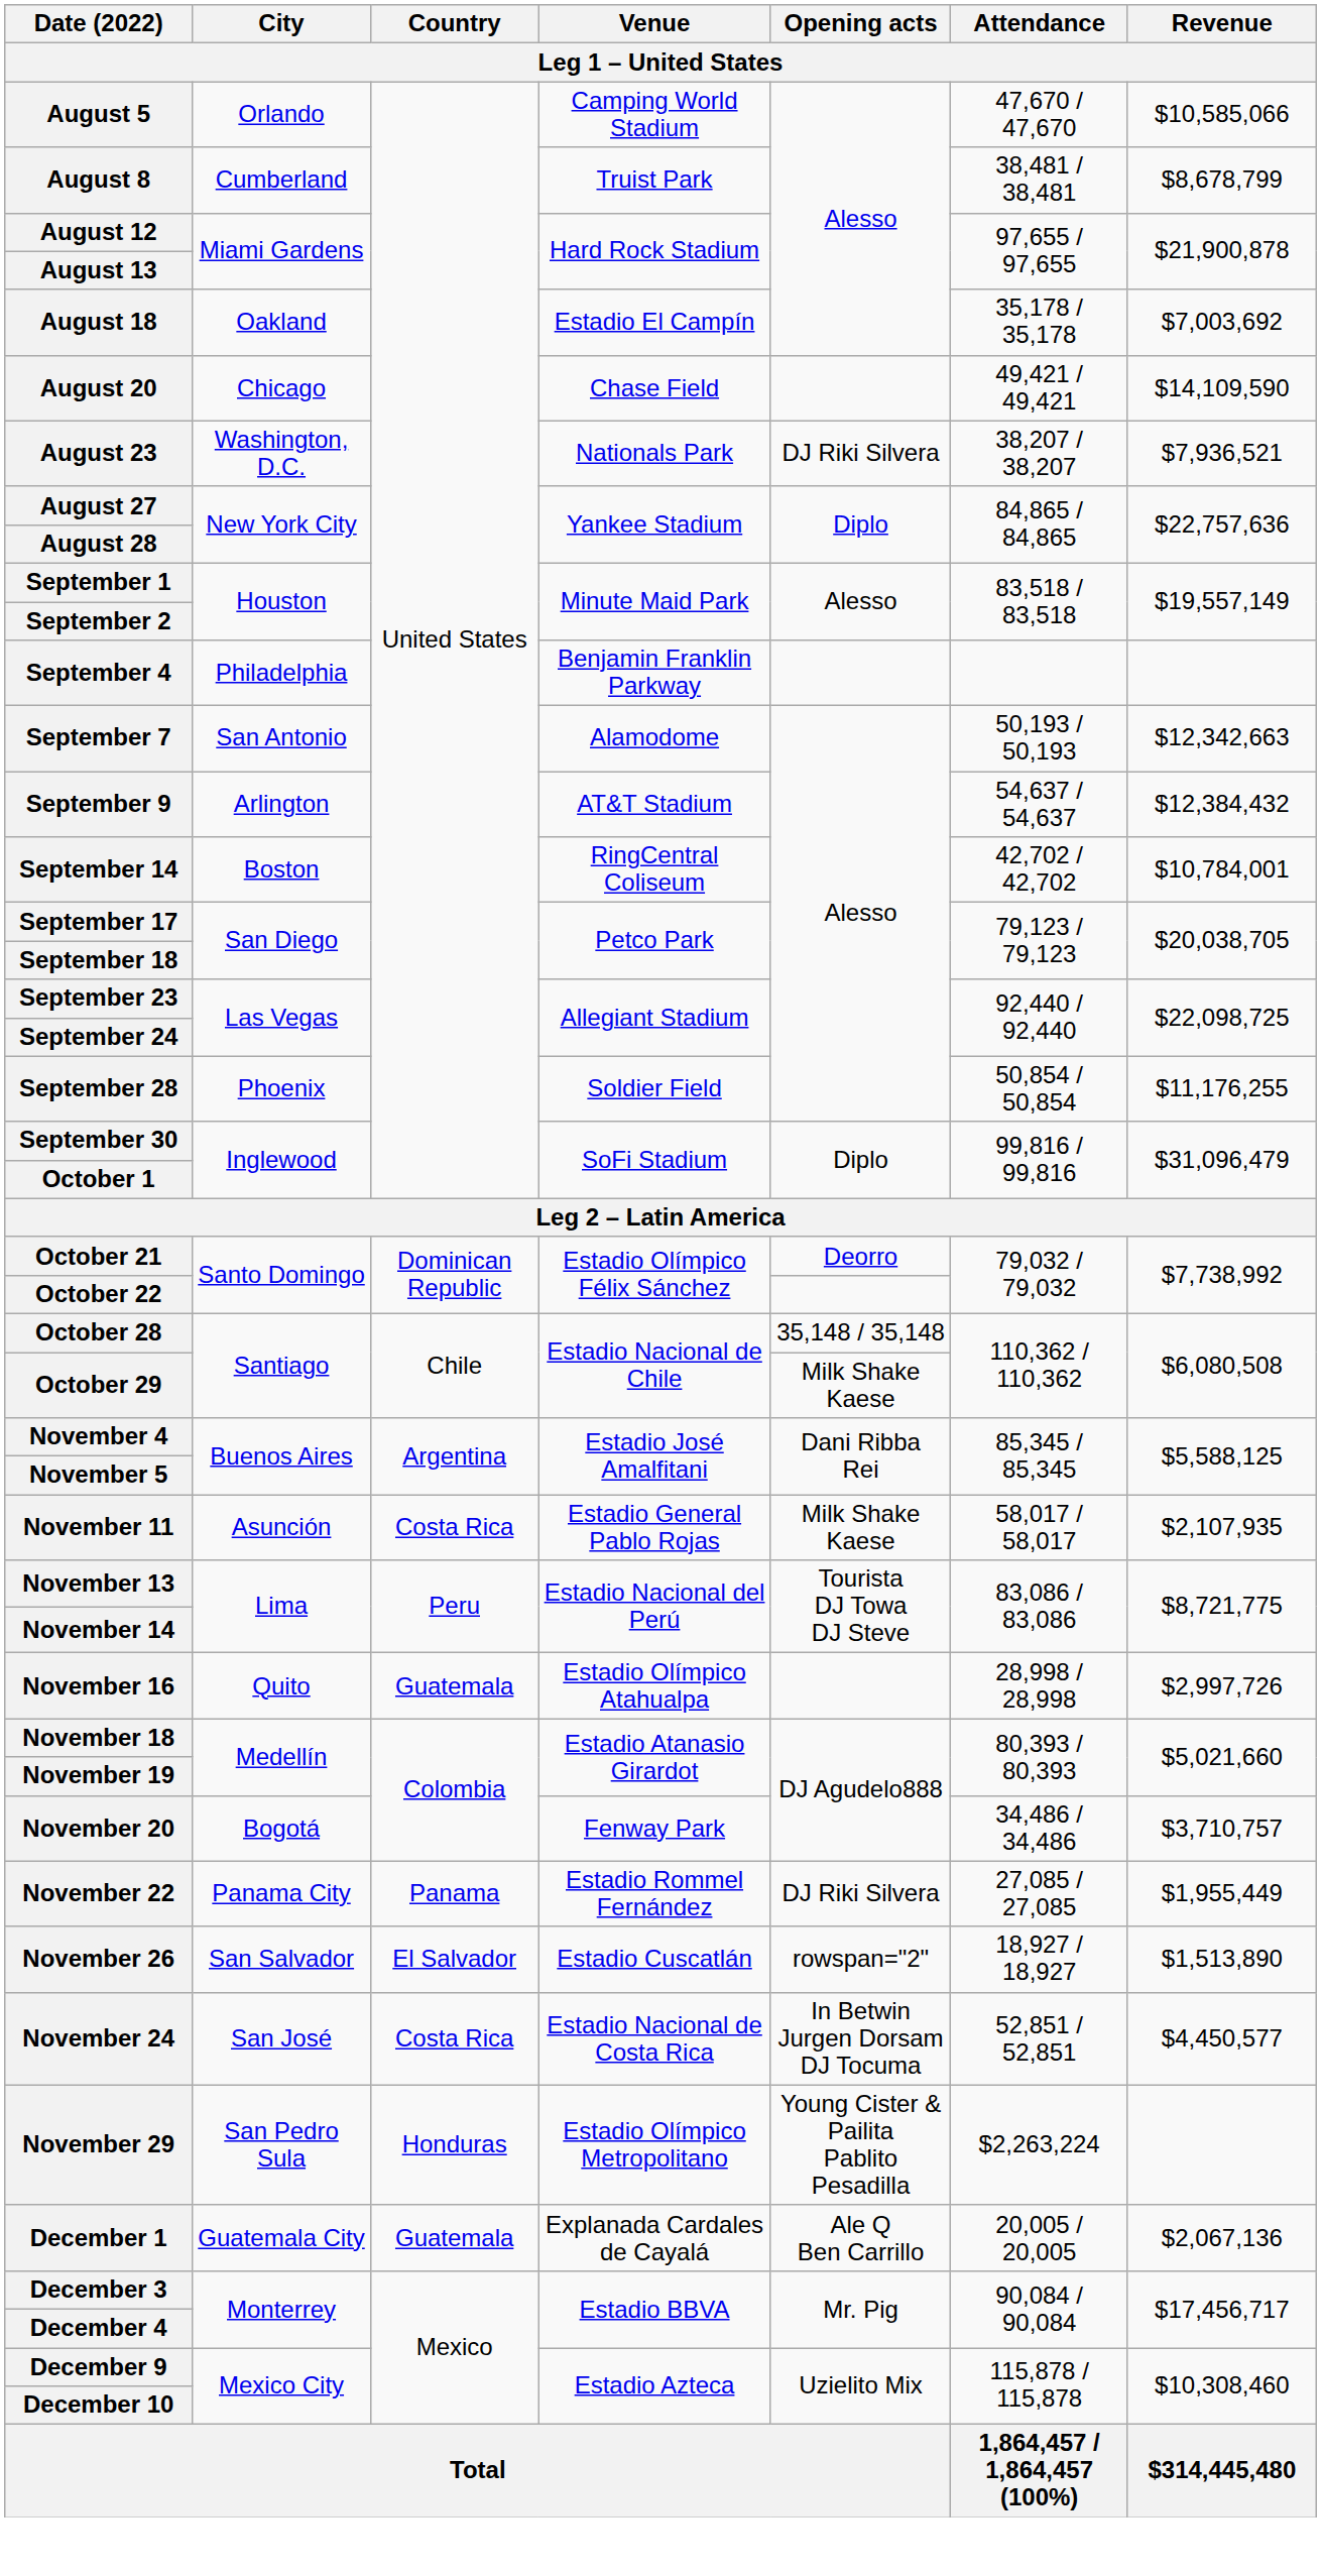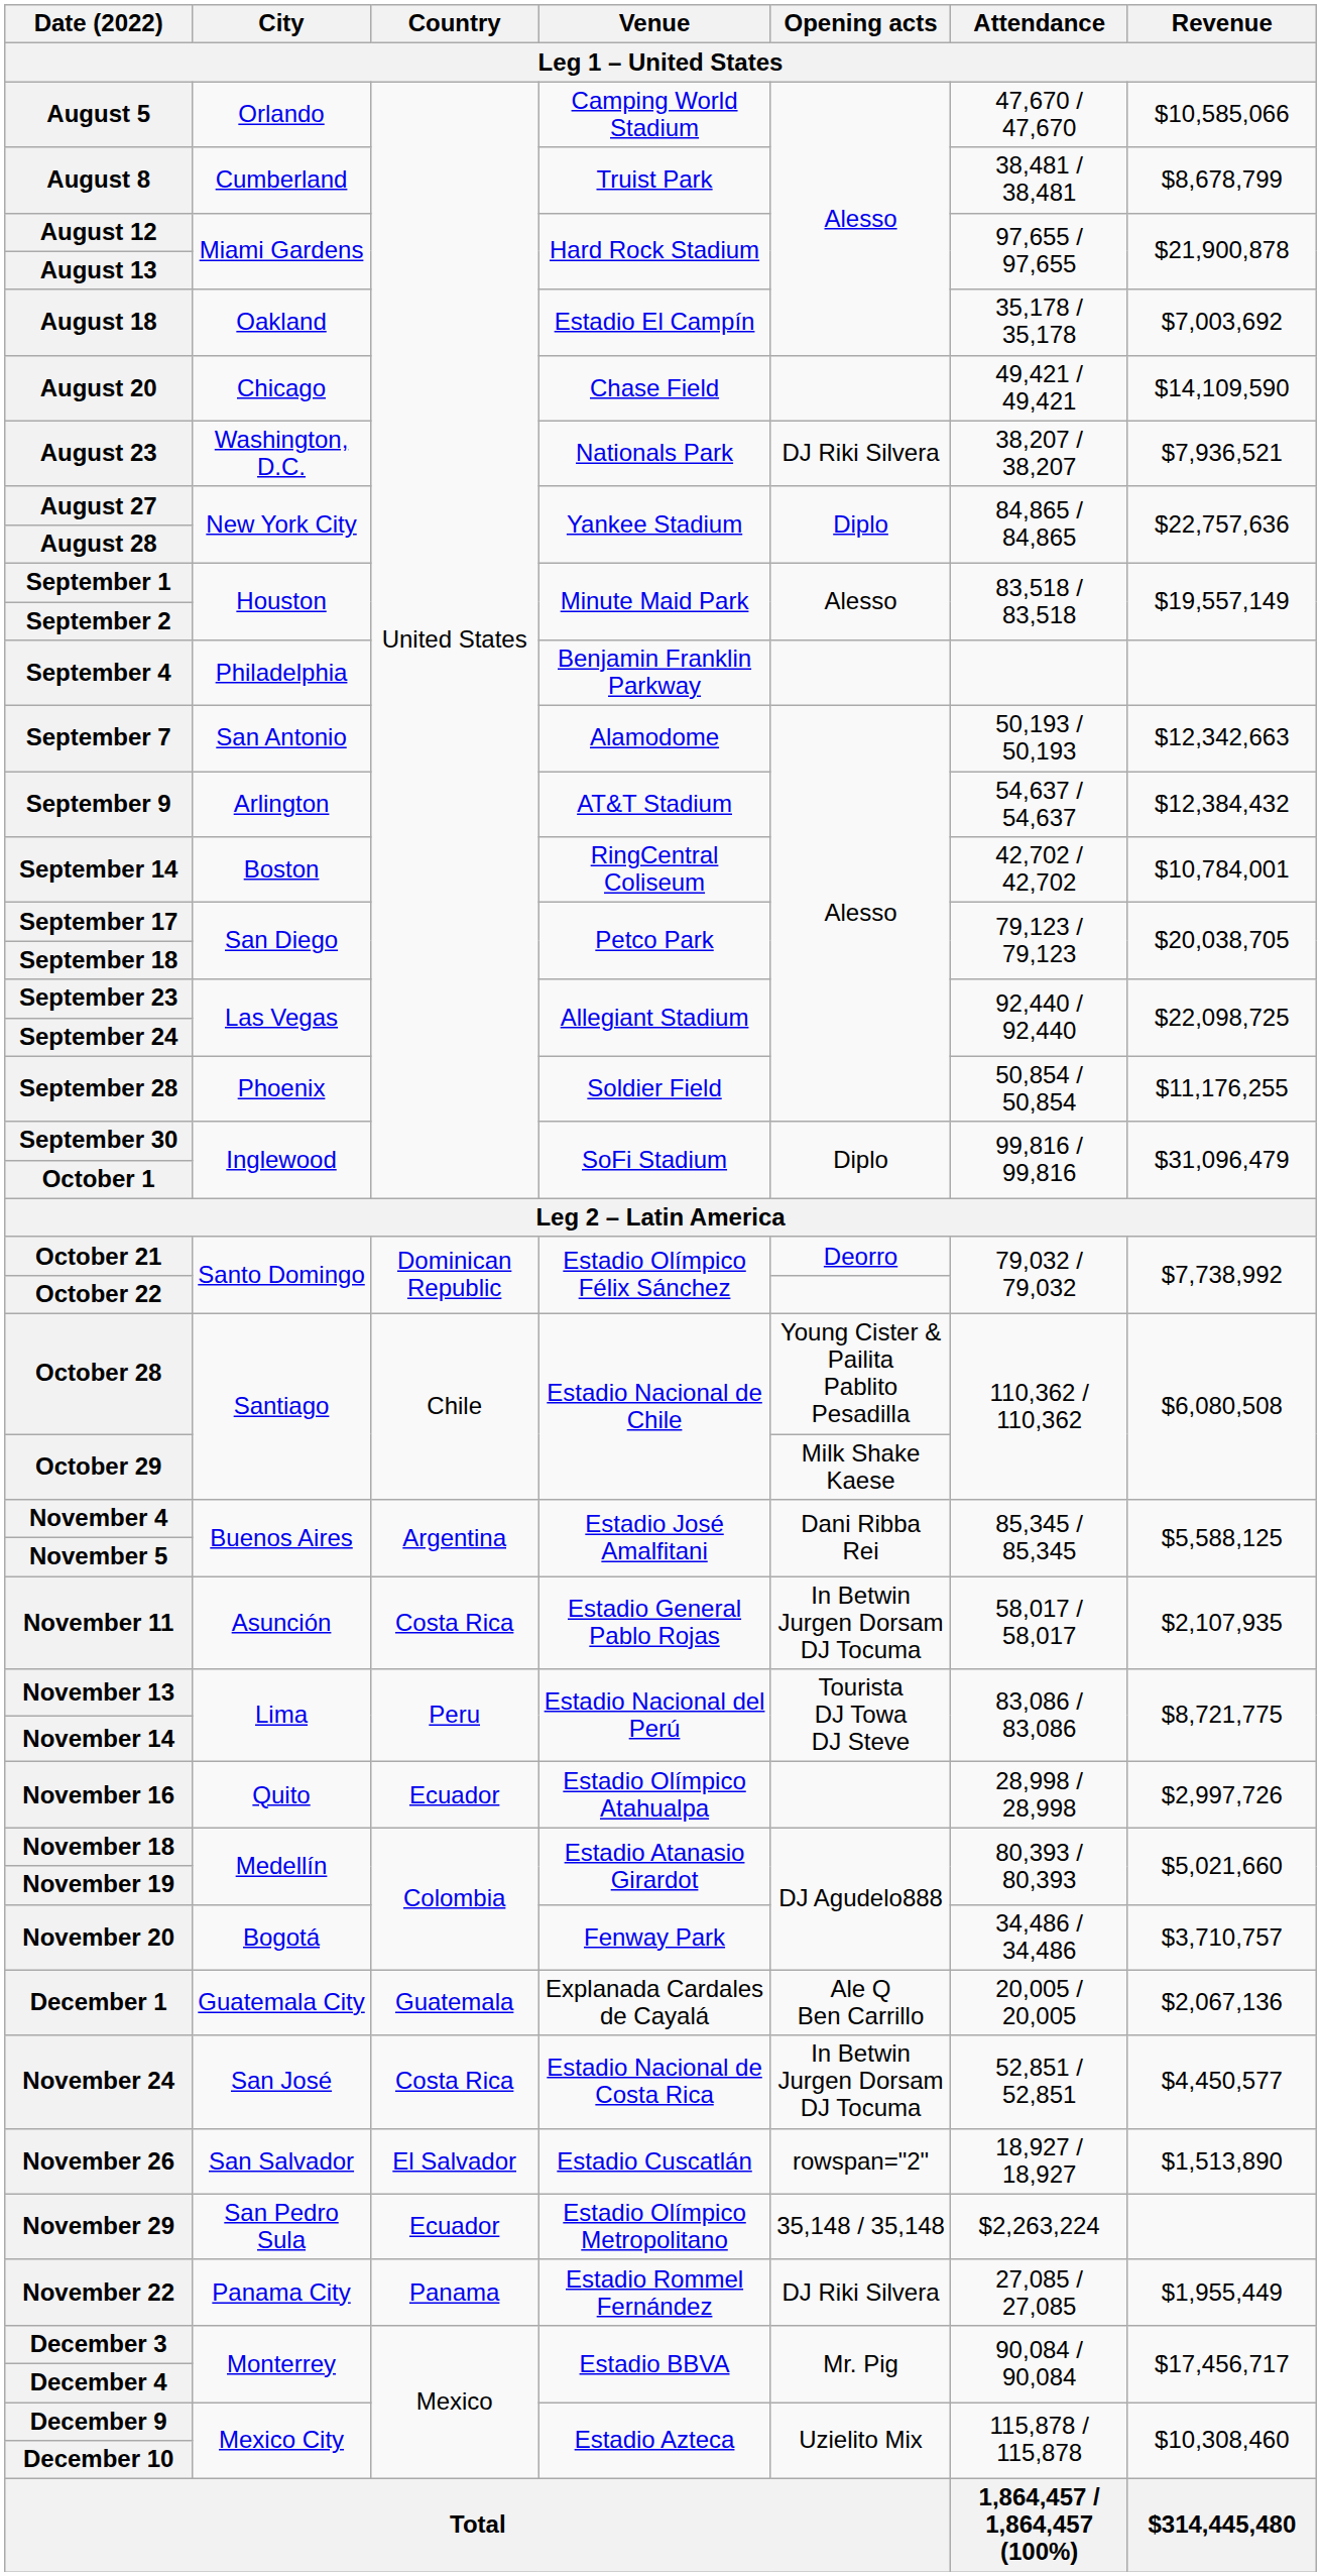 <table class="wikitable plainrowheaders" style="text-align:center;">
 <tr>
 <th scope="col" style="width:12em;">Date (2022)</th>
 <th scope="col" style="width:10em;">City</th>
 <th scope="col" style="width:10em;">Country</th>
 <th scope="col" style="width:16em;">Venue</th>
 <th scope="col" style="width:10em;">Opening acts</th>
 <th scope="col" style="width:10em;">Attendance</th>
 <th scope="col" style="width:10em;">Revenue</th>
 </tr>
 <tr>
 <th colspan="7">Leg 1 – United States</th>
 </tr>
 <tr>
 <th scope="row">August 5</th>
 <td><a href='#'>Orlando</a></td>
 <td rowspan="22">United States</td>
 <td><a href='#'>Camping World Stadium</a></td>
 <td rowspan="5"><a href='#'>Alesso</a></td>
 <td>47,670 / 47,670</td>
 <td>$10,585,066</td>
 </tr>
 <tr>
 <th scope="row">August 8</th>
 <td><a href='#'>Cumberland</a></td>
 <td><a href='#'>Truist Park</a></td>
 <td>38,481 / 38,481</td>
 <td>$8,678,799</td>
 </tr>
 <tr>
 <th scope="row">August 12</th>
 <td rowspan="2"><a href='#'>Miami Gardens</a></td>
 <td rowspan="2"><a href='#'>Hard Rock Stadium</a></td>
 <td rowspan="2">97,655 / 97,655</td>
 <td rowspan="2">$21,900,878</td>
 </tr>
 <tr>
 <th scope="row">August 13</th>
 </tr>
 <tr>
 <th scope="row">August 18</th>
 <td><a href='#'>Oakland</a></td>
 <td><a href='#'>Estadio El Campín</a></td>
 <td>35,178 / 35,178</td>
 <td>$7,003,692</td>
 </tr>
 <tr>
 <th scope="row">August 20</th>
 <td><a href='#'>Chicago</a></td>
 <td><a href='#'>Chase Field</a></td>
 <td></td>
 <td>49,421 / 49,421</td>
 <td>$14,109,590</td>
 </tr>
 <tr>
 <th scope="row">August 23</th>
 <td><a href='#'>Washington, D.C.</a></td>
 <td><a href='#'>Nationals Park</a></td>
 <td>DJ Riki Silvera</td>
 <td>38,207 / 38,207</td>
 <td>$7,936,521</td>
 </tr>
 <tr>
 <th scope="row">August 27</th>
 <td rowspan="2"><a href='#'>New York City</a></td>
 <td rowspan="2"><a href='#'>Yankee Stadium</a></td>
 <td rowspan="2"><a href='#'>Diplo</a></td>
 <td rowspan="2">84,865 / 84,865</td>
 <td rowspan="2">$22,757,636</td>
 </tr>
 <tr>
 <th scope="row">August 28</th>
 </tr>
 <tr>
 <th scope="row">September 1</th>
 <td rowspan="2"><a href='#'>Houston</a></td>
 <td rowspan="2"><a href='#'>Minute Maid Park</a></td>
 <td rowspan="2">Alesso</td>
 <td rowspan="2">83,518 / 83,518</td>
 <td rowspan="2">$19,557,149</td>
 </tr>
 <tr>
 <th scope="row">September 2</th>
 </tr>
 <tr>
 <th scope="row">September 4</th>
 <td><a href='#'>Philadelphia</a></td>
 <td><a href='#'>Benjamin Franklin Parkway</a></td>
 <td></td>
 <td></td>
 <td></td>
 </tr>
 <tr>
 <th scope="row">September 7</th>
 <td><a href='#'>San Antonio</a></td>
 <td><a href='#'>Alamodome</a></td>
 <td rowspan="8">Alesso</td>
 <td>50,193 / 50,193</td>
 <td>$12,342,663</td>
 </tr>
 <tr>
 <th scope="row">September 9</th>
 <td><a href='#'>Arlington</a></td>
 <td><a href='#'>AT&T Stadium</a></td>
 <td>54,637 / 54,637</td>
 <td>$12,384,432</td>
 </tr>
 <tr>
 <th scope="row">September 14</th>
 <td><a href='#'>Boston</a></td>
 <td><a href='#'>RingCentral Coliseum</a></td>
 <td>42,702 / 42,702</td>
 <td>$10,784,001</td>
 </tr>
 <tr>
 <th scope="row">September 17</th>
 <td rowspan="2"><a href='#'>San Diego</a></td>
 <td rowspan="2"><a href='#'>Petco Park</a></td>
 <td rowspan="2">79,123 / 79,123</td>
 <td rowspan="2">$20,038,705</td>
 </tr>
 <tr>
 <th scope="row">September 18</th>
 </tr>
 <tr>
 <th scope="row">September 23</th>
 <td rowspan="2"><a href='#'>Las Vegas</a></td>
 <td rowspan="2"><a href='#'>Allegiant Stadium</a></td>
 <td rowspan="2">92,440 / 92,440</td>
 <td rowspan="2">$22,098,725</td>
 </tr>
 <tr>
 <th scope="row">September 24</th>
 </tr>
 <tr>
 <th scope="row">September 28</th>
 <td><a href='#'>Phoenix</a></td>
 <td><a href='#'>Soldier Field</a></td>
 <td>50,854 / 50,854</td>
 <td>$11,176,255</td>
 </tr>
 <tr>
 <th scope="row">September 30</th>
 <td rowspan="2"><a href='#'>Inglewood</a></td>
 <td rowspan="2"><a href='#'>SoFi Stadium</a></td>
 <td rowspan="2">Diplo</td>
 <td rowspan="2">99,816 / 99,816</td>
 <td rowspan="2">$31,096,479</td>
 </tr>
 <tr>
 <th scope="row">October 1</th>
 </tr>
 <tr>
 <th colspan="7">Leg 2 – Latin America</th>
 </tr>
 <tr>
 <th scope="row">October 21</th>
 <td rowspan="2"><a href='#'>Santo Domingo</a></td>
 <td rowspan="2"><a href='#'>Dominican Republic</a></td>
 <td rowspan="2"><a href='#'>Estadio Olímpico Félix Sánchez</a></td>
 <td><a href='#'>Deorro</a></td>
 <td rowspan="2">79,032 / 79,032</td>
 <td rowspan="2">$7,738,992</td>
 </tr>
 <tr>
 <th scope="row">October 22</th>
 </tr>
 <tr>
 <th scope="row">October 28</th>
 <td rowspan="2"><a href='#'>Santiago</a></td>
 <td rowspan="2">Chile</td>
 <td rowspan="2"><a href='#'>Estadio Nacional de Chile</a></td>
-<td>35,148 / 35,148</td>
+<td>Young Cister & Pailita <br> Pablito Pesadilla</td>
 <td rowspan="2">110,362 / 110,362</td>
 <td rowspan="2">$6,080,508</td>
 </tr>
 <tr>
 <th scope="row">October 29</th>
 <td>Milk Shake <br> Kaese</td>
 </tr>
 <tr>
 <th scope="row">November 4</th>
 <td rowspan="2"><a href='#'>Buenos Aires</a></td>
 <td rowspan="2"><a href='#'>Argentina</a></td>
 <td rowspan="2"><a href='#'>Estadio José Amalfitani</a></td>
 <td rowspan="2">Dani Ribba<br>Rei</td>
 <td rowspan="2">85,345 / 85,345</td>
 <td rowspan="2">$5,588,125</td>
 </tr>
 <tr>
 <th scope="row">November 5</th>
 </tr>
 <tr>
 <th scope="row">November 11</th>
 <td><a href='#'>Asunción</a></td>
 <td><a href='#'>Costa Rica</a></td>
 <td><a href='#'>Estadio General Pablo Rojas</a></td>
-<td>Milk Shake <br> Kaese</td>
+<td>In Betwin <br> Jurgen Dorsam <br> DJ Tocuma</td>
 <td>58,017 / 58,017</td>
 <td>$2,107,935</td>
 </tr>
 <tr>
 <th scope="row">November 13</th>
 <td rowspan="2"><a href='#'>Lima</a></td>
 <td rowspan="2"><a href='#'>Peru</a></td>
 <td rowspan="2"><a href='#'>Estadio Nacional del Perú</a></td>
 <td rowspan="2">Tourista <br> DJ Towa <br> DJ Steve</td>
 <td rowspan="2">83,086 / 83,086</td>
 <td rowspan="2">$8,721,775</td>
 </tr>
 <tr>
 <th scope="row">November 14</th>
 </tr>
 <tr>
 <th scope="row">November 16</th>
 <td><a href='#'>Quito</a></td>
-<td><a href='#'>Guatemala</a></td>
+<td><a href='#'>Ecuador</a></td>
 <td><a href='#'>Estadio Olímpico Atahualpa</a></td>
 <td></td>
 <td>28,998 / 28,998</td>
 <td>$2,997,726</td>
 </tr>
 <tr>
 <th scope="row">November 18</th>
 <td rowspan="2"><a href='#'>Medellín</a></td>
 <td rowspan="3"><a href='#'>Colombia</a></td>
 <td rowspan="2"><a href='#'>Estadio Atanasio Girardot</a></td>
 <td rowspan="3">DJ Agudelo888</td>
 <td rowspan="2">80,393 / 80,393</td>
 <td rowspan="2">$5,021,660</td>
 </tr>
 <tr>
 <th scope="row">November 19</th>
 </tr>
 <tr>
 <th scope="row">November 20</th>
 <td><a href='#'>Bogotá</a></td>
 <td><a href='#'>Fenway Park</a></td>
 <td>34,486 / 34,486</td>
 <td>$3,710,757</td>
 </tr>
 <tr>
-<th scope="row">November 22</th>
-<td><a href='#'>Panama City</a></td>
-<td><a href='#'>Panama</a></td>
-<td><a href='#'>Estadio Rommel Fernández</a></td>
-<td>DJ Riki Silvera</td>
-<td>27,085 / 27,085</td>
-<td>$1,955,449</td>
+<th scope="row">December 1</th>
+<td><a href='#'>Guatemala City</a></td>
+<td><a href='#'>Guatemala</a></td>
+<td>Explanada Cardales de Cayalá</td>
+<td>Ale Q <br> Ben Carrillo</td>
+<td>20,005 / 20,005</td>
+<td>$2,067,136</td>
+</tr>
+<tr>
+<th scope="row">November 24</th>
+<td><a href='#'>San José</a></td>
+<td><a href='#'>Costa Rica</a></td>
+<td><a href='#'>Estadio Nacional de Costa Rica</a></td>
+<td>In Betwin <br> Jurgen Dorsam <br> DJ Tocuma</td>
+<td>52,851 / 52,851</td>
+<td>$4,450,577</td>
 </tr>
 <tr>
 <th scope="row">November 26</th>
 <td><a href='#'>San Salvador</a></td>
 <td><a href='#'>El Salvador</a></td>
 <td><a href='#'>Estadio Cuscatlán</a></td>
 <td>rowspan="2" </td>
 <td>18,927 / 18,927</td>
 <td>$1,513,890</td>
 </tr>
 <tr>
-<th scope="row">November 24</th>
-<td><a href='#'>San José</a></td>
-<td><a href='#'>Costa Rica</a></td>
-<td><a href='#'>Estadio Nacional de Costa Rica</a></td>
-<td>In Betwin <br> Jurgen Dorsam <br> DJ Tocuma</td>
-<td>52,851 / 52,851</td>
-<td>$4,450,577</td>
-</tr>
-<tr>
 <th scope="row">November 29</th>
 <td><a href='#'>San Pedro Sula</a></td>
-<td><a href='#'>Honduras</a></td>
+<td><a href='#'>Ecuador</a></td>
 <td><a href='#'>Estadio Olímpico Metropolitano</a></td>
-<td>Young Cister & Pailita <br> Pablito Pesadilla</td>
+<td>35,148 / 35,148</td>
 <td>$2,263,224</td>
 </tr>
 <tr>
-<th scope="row">December 1</th>
-<td><a href='#'>Guatemala City</a></td>
-<td><a href='#'>Guatemala</a></td>
-<td>Explanada Cardales de Cayalá</td>
-<td>Ale Q <br> Ben Carrillo</td>
-<td>20,005 / 20,005</td>
-<td>$2,067,136</td>
+<th scope="row">November 22</th>
+<td><a href='#'>Panama City</a></td>
+<td><a href='#'>Panama</a></td>
+<td><a href='#'>Estadio Rommel Fernández</a></td>
+<td>DJ Riki Silvera</td>
+<td>27,085 / 27,085</td>
+<td>$1,955,449</td>
 </tr>
 <tr>
 <th scope="row">December 3</th>
 <td rowspan="2"><a href='#'>Monterrey</a></td>
 <td rowspan="4">Mexico</td>
 <td rowspan="2"><a href='#'>Estadio BBVA</a></td>
 <td rowspan="2">Mr. Pig</td>
 <td rowspan="2">90,084 / 90,084</td>
 <td rowspan="2">$17,456,717</td>
 </tr>
 <tr>
 <th scope="row">December 4</th>
 </tr>
 <tr>
 <th scope="row">December 9</th>
 <td rowspan="2"><a href='#'>Mexico City</a></td>
 <td rowspan="2"><a href='#'>Estadio Azteca</a></td>
 <td rowspan="2">Uzielito Mix</td>
 <td rowspan="2">115,878 / 115,878</td>
 <td rowspan="2">$10,308,460</td>
 </tr>
 <tr>
 <th scope="row">December 10</th>
 </tr>
 <tr>
 <th colspan="5">Total</th>
 <th>1,864,457 / 1,864,457 <br> (100%)</th>
 <th>$314,445,480</th>
 </tr>
 </table>
